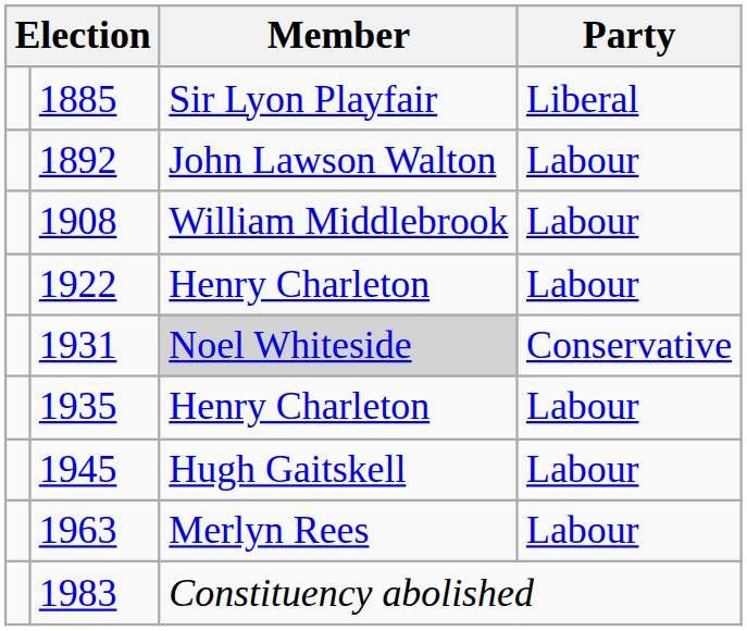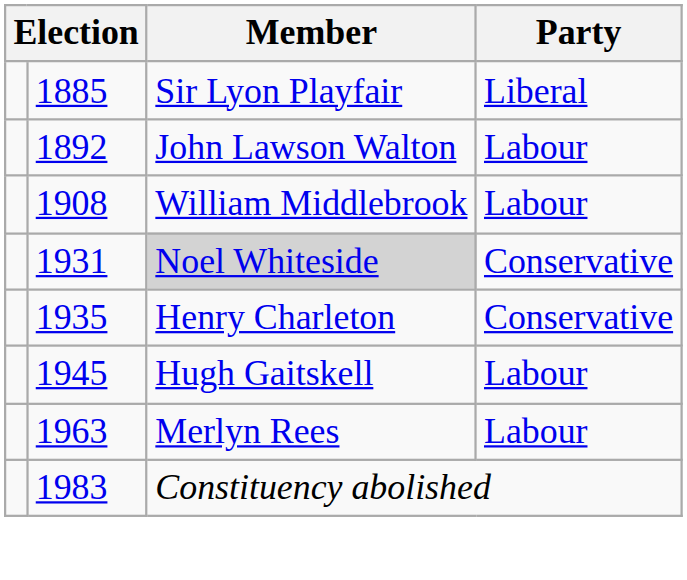 <table class="wikitable">
 <tr>
 <th colspan="2">Election</th>
 <th>Member</th>
 <th>Party</th>
 </tr>
 <tr>
 <td style="color:inherit;background-color: "></td>
 <td><a href='#'>1885</a></td>
 <td><a href='#'>Sir Lyon Playfair</a></td>
 <td><a href='#'>Liberal</a></td>
 </tr>
 <tr>
 <td style="color:inherit;background-color: "></td>
 <td><a href='#'>1892</a></td>
 <td><a href='#'>John Lawson Walton</a></td>
 <td><a href='#'>Labour</a></td>
 </tr>
 <tr>
 <td style="color:inherit;background-color: "></td>
 <td><a href='#'>1908</a></td>
 <td><a href='#'>William Middlebrook</a></td>
 <td><a href='#'>Labour</a></td>
 </tr>
 <tr>
 <td style="color:inherit;background-color: "></td>
-<td><a href='#'>1922</a></td>
-<td><a href='#'>Henry Charleton</a></td>
-<td><a href='#'>Labour</a></td>
-</tr>
-<tr>
-<td style="color:inherit;background-color: "></td>
 <td><a href='#'>1931</a></td>
 <td style="background: lightgrey;"><a href='#'>Noel Whiteside</a></td>
 <td><a href='#'>Conservative</a></td>
 </tr>
 <tr>
 <td style="color:inherit;background-color: "></td>
 <td><a href='#'>1935</a></td>
 <td><a href='#'>Henry Charleton</a></td>
-<td><a href='#'>Labour</a></td>
+<td><a href='#'>Conservative</a></td>
 </tr>
 <tr>
 <td style="color:inherit;background-color: "></td>
 <td><a href='#'>1945</a></td>
 <td><a href='#'>Hugh Gaitskell</a></td>
 <td><a href='#'>Labour</a></td>
 </tr>
 <tr>
 <td style="color:inherit;background-color: "></td>
 <td><a href='#'>1963</a></td>
 <td><a href='#'>Merlyn Rees</a></td>
 <td><a href='#'>Labour</a></td>
 </tr>
 <tr>
 <td></td>
 <td><a href='#'>1983</a></td>
 <td colspan="2"><em>Constituency abolished</em></td>
 </tr>
 </table>
